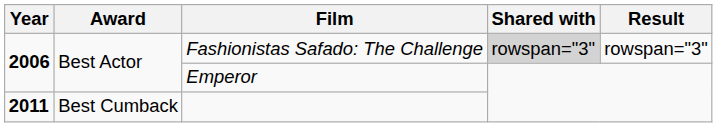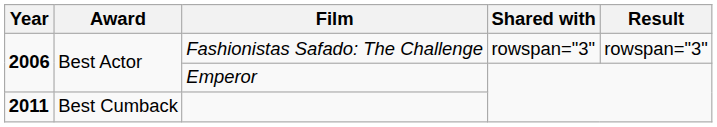 <table Class="wikitable">
 <tr>
 <th>Year</th>
 <th>Award</th>
 <th>Film</th>
 <th>Shared with</th>
 <th>Result</th>
 </tr>
 <tr>
 <td rowspan="2"><strong>2006</strong></td>
 <td rowspan="2">Best Actor</td>
 <td><em>Fashionistas Safado: The Challenge</em></td>
-<td style="background: lightgrey;">rowspan="3" </td>
+<td>rowspan="3" </td>
 <td>rowspan="3" </td>
 </tr>
 <tr>
 <td><em>Emperor</em></td>
 </tr>
 <tr>
 <td><strong>2011</strong></td>
 <td>Best Cumback</td>
 <td></td>
 </tr>
 </table>
